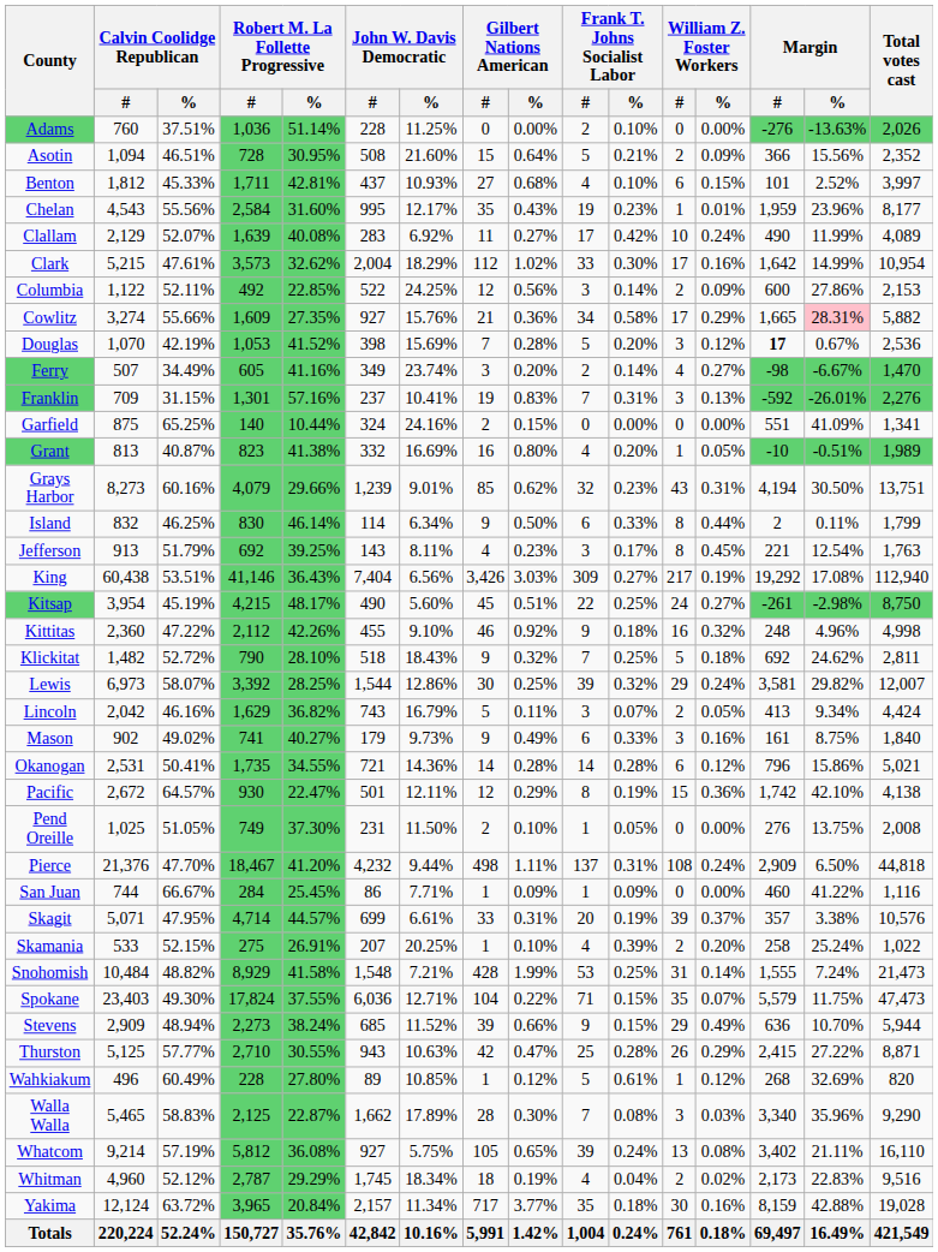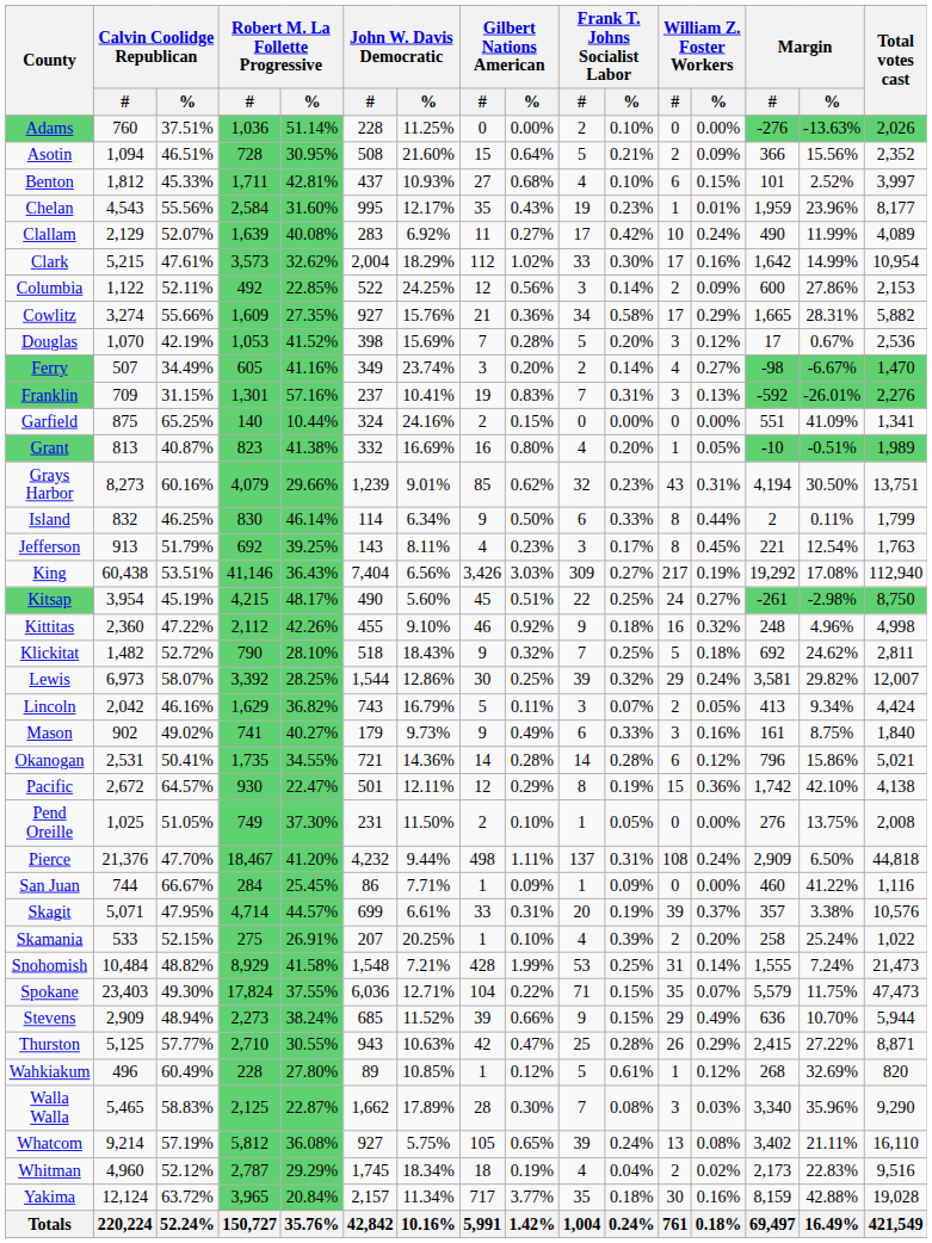 <table class="wikitable sortable">
 <tr>
 <th style="text-align:center;" rowspan="2">County</th>
 <th style="text-align:center;" colspan="2"><a href='#'>Calvin Coolidge</a><br>Republican</th>
 <th style="text-align:center;" colspan="2"><a href='#'>Robert M. La Follette</a><br>Progressive</th>
 <th style="text-align:center;" colspan="2"><a href='#'>John W. Davis</a><br>Democratic</th>
 <th style="text-align:center;" colspan="2"><a href='#'>Gilbert Nations</a><br>American</th>
 <th style="text-align:center;" colspan="2"><a href='#'>Frank T. Johns</a><br>Socialist Labor</th>
 <th style="text-align:center;" colspan="2"><a href='#'>William Z. Foster</a><br>Workers</th>
 <th style="text-align:center;" colspan="2">Margin</th>
 <th style="text-align:center;" rowspan="2">Total votes cast</th>
 </tr>
 <tr bgcolor="lightgrey">
 <th style="text-align:center;" data-sort-type="number">#</th>
 <th style="text-align:center;" data-sort-type="number">%</th>
 <th style="text-align:center;" data-sort-type="number">#</th>
 <th style="text-align:center;" data-sort-type="number">%</th>
 <th style="text-align:center;" data-sort-type="number">#</th>
 <th style="text-align:center;" data-sort-type="number">%</th>
 <th style="text-align:center;" data-sort-type="number">#</th>
 <th style="text-align:center;" data-sort-type="number">%</th>
 <th style="text-align:center;" data-sort-type="number">#</th>
 <th style="text-align:center;" data-sort-type="number">%</th>
 <th style="text-align:center;" data-sort-type="number">#</th>
 <th style="text-align:center;" data-sort-type="number">%</th>
 <th style="text-align:center;" data-sort-type="number">#</th>
 <th style="text-align:center;" data-sort-type="number">%</th>
 </tr>
 <tr style="text-align:center;">
 <td bgcolor="#5FD170"><a href='#'>Adams</a></td>
 <td>760</td>
 <td>37.51%</td>
 <td bgcolor="#5FD170">1,036</td>
 <td bgcolor="#5FD170">51.14%</td>
 <td>228</td>
 <td>11.25%</td>
 <td>0</td>
 <td>0.00%</td>
 <td>2</td>
 <td>0.10%</td>
 <td>0</td>
 <td>0.00%</td>
 <td bgcolor="#5FD170">-276</td>
 <td bgcolor="#5FD170">-13.63%</td>
 <td bgcolor="#5FD170">2,026</td>
 </tr>
 <tr style="text-align:center;">
 <td><a href='#'>Asotin</a></td>
 <td>1,094</td>
 <td>46.51%</td>
 <td bgcolor="#5FD170">728</td>
 <td bgcolor="#5FD170">30.95%</td>
 <td>508</td>
 <td>21.60%</td>
 <td>15</td>
 <td>0.64%</td>
 <td>5</td>
 <td>0.21%</td>
 <td>2</td>
 <td>0.09%</td>
 <td>366</td>
 <td>15.56%</td>
 <td>2,352</td>
 </tr>
 <tr style="text-align:center;">
 <td><a href='#'>Benton</a></td>
 <td>1,812</td>
 <td>45.33%</td>
 <td bgcolor="#5FD170">1,711</td>
 <td bgcolor="#5FD170">42.81%</td>
 <td>437</td>
 <td>10.93%</td>
 <td>27</td>
 <td>0.68%</td>
 <td>4</td>
 <td>0.10%</td>
 <td>6</td>
 <td>0.15%</td>
 <td>101</td>
 <td>2.52%</td>
 <td>3,997</td>
 </tr>
 <tr style="text-align:center;">
 <td><a href='#'>Chelan</a></td>
 <td>4,543</td>
 <td>55.56%</td>
 <td bgcolor="#5FD170">2,584</td>
 <td bgcolor="#5FD170">31.60%</td>
 <td>995</td>
 <td>12.17%</td>
 <td>35</td>
 <td>0.43%</td>
 <td>19</td>
 <td>0.23%</td>
 <td>1</td>
 <td>0.01%</td>
 <td>1,959</td>
 <td>23.96%</td>
 <td>8,177</td>
 </tr>
 <tr style="text-align:center;">
 <td><a href='#'>Clallam</a></td>
 <td>2,129</td>
 <td>52.07%</td>
 <td bgcolor="#5FD170">1,639</td>
 <td bgcolor="#5FD170">40.08%</td>
 <td>283</td>
 <td>6.92%</td>
 <td>11</td>
 <td>0.27%</td>
 <td>17</td>
 <td>0.42%</td>
 <td>10</td>
 <td>0.24%</td>
 <td>490</td>
 <td>11.99%</td>
 <td>4,089</td>
 </tr>
 <tr style="text-align:center;">
 <td><a href='#'>Clark</a></td>
 <td>5,215</td>
 <td>47.61%</td>
 <td bgcolor="#5FD170">3,573</td>
 <td bgcolor="#5FD170">32.62%</td>
 <td>2,004</td>
 <td>18.29%</td>
 <td>112</td>
 <td>1.02%</td>
 <td>33</td>
 <td>0.30%</td>
 <td>17</td>
 <td>0.16%</td>
 <td>1,642</td>
 <td>14.99%</td>
 <td>10,954</td>
 </tr>
 <tr style="text-align:center;">
 <td><a href='#'>Columbia</a></td>
 <td>1,122</td>
 <td>52.11%</td>
 <td bgcolor="#5FD170">492</td>
 <td bgcolor="#5FD170">22.85%</td>
 <td>522</td>
 <td>24.25%</td>
 <td>12</td>
 <td>0.56%</td>
 <td>3</td>
 <td>0.14%</td>
 <td>2</td>
 <td>0.09%</td>
 <td>600</td>
 <td>27.86%</td>
 <td>2,153</td>
 </tr>
 <tr style="text-align:center;">
 <td><a href='#'>Cowlitz</a></td>
 <td>3,274</td>
 <td>55.66%</td>
 <td bgcolor="#5FD170">1,609</td>
 <td bgcolor="#5FD170">27.35%</td>
 <td>927</td>
 <td>15.76%</td>
 <td>21</td>
 <td>0.36%</td>
 <td>34</td>
 <td>0.58%</td>
 <td>17</td>
 <td>0.29%</td>
 <td>1,665</td>
-<td style="background: pink;">28.31%</td>
+<td>28.31%</td>
 <td>5,882</td>
 </tr>
 <tr style="text-align:center;">
 <td><a href='#'>Douglas</a></td>
 <td>1,070</td>
 <td>42.19%</td>
 <td bgcolor="#5FD170">1,053</td>
 <td bgcolor="#5FD170">41.52%</td>
 <td>398</td>
 <td>15.69%</td>
 <td>7</td>
 <td>0.28%</td>
 <td>5</td>
 <td>0.20%</td>
 <td>3</td>
 <td>0.12%</td>
-<td><strong>17</strong></td>
+<td>17</td>
 <td>0.67%</td>
 <td>2,536</td>
 </tr>
 <tr style="text-align:center;">
 <td bgcolor="#5FD170"><a href='#'>Ferry</a></td>
 <td>507</td>
 <td>34.49%</td>
 <td bgcolor="#5FD170">605</td>
 <td bgcolor="#5FD170">41.16%</td>
 <td>349</td>
 <td>23.74%</td>
 <td>3</td>
 <td>0.20%</td>
 <td>2</td>
 <td>0.14%</td>
 <td>4</td>
 <td>0.27%</td>
 <td bgcolor="#5FD170">-98</td>
 <td bgcolor="#5FD170">-6.67%</td>
 <td bgcolor="#5FD170">1,470</td>
 </tr>
 <tr style="text-align:center;">
 <td bgcolor="#5FD170"><a href='#'>Franklin</a></td>
 <td>709</td>
 <td>31.15%</td>
 <td bgcolor="#5FD170">1,301</td>
 <td bgcolor="#5FD170">57.16%</td>
 <td>237</td>
 <td>10.41%</td>
 <td>19</td>
 <td>0.83%</td>
 <td>7</td>
 <td>0.31%</td>
 <td>3</td>
 <td>0.13%</td>
 <td bgcolor="#5FD170">-592</td>
 <td bgcolor="#5FD170">-26.01%</td>
 <td bgcolor="#5FD170">2,276</td>
 </tr>
 <tr style="text-align:center;">
 <td><a href='#'>Garfield</a></td>
 <td>875</td>
 <td>65.25%</td>
 <td bgcolor="#5FD170">140</td>
 <td bgcolor="#5FD170">10.44%</td>
 <td>324</td>
 <td>24.16%</td>
 <td>2</td>
 <td>0.15%</td>
 <td>0</td>
 <td>0.00%</td>
 <td>0</td>
 <td>0.00%</td>
 <td>551</td>
 <td>41.09%</td>
 <td>1,341</td>
 </tr>
 <tr style="text-align:center;">
 <td bgcolor="#5FD170"><a href='#'>Grant</a></td>
 <td>813</td>
 <td>40.87%</td>
 <td bgcolor="#5FD170">823</td>
 <td bgcolor="#5FD170">41.38%</td>
 <td>332</td>
 <td>16.69%</td>
 <td>16</td>
 <td>0.80%</td>
 <td>4</td>
 <td>0.20%</td>
 <td>1</td>
 <td>0.05%</td>
 <td bgcolor="#5FD170">-10</td>
 <td bgcolor="#5FD170">-0.51%</td>
 <td bgcolor="#5FD170">1,989</td>
 </tr>
 <tr style="text-align:center;">
 <td><a href='#'>Grays Harbor</a></td>
 <td>8,273</td>
 <td>60.16%</td>
 <td bgcolor="#5FD170">4,079</td>
 <td bgcolor="#5FD170">29.66%</td>
 <td>1,239</td>
 <td>9.01%</td>
 <td>85</td>
 <td>0.62%</td>
 <td>32</td>
 <td>0.23%</td>
 <td>43</td>
 <td>0.31%</td>
 <td>4,194</td>
 <td>30.50%</td>
 <td>13,751</td>
 </tr>
 <tr style="text-align:center;">
 <td><a href='#'>Island</a></td>
 <td>832</td>
 <td>46.25%</td>
 <td bgcolor="#5FD170">830</td>
 <td bgcolor="#5FD170">46.14%</td>
 <td>114</td>
 <td>6.34%</td>
 <td>9</td>
 <td>0.50%</td>
 <td>6</td>
 <td>0.33%</td>
 <td>8</td>
 <td>0.44%</td>
 <td>2</td>
 <td>0.11%</td>
 <td>1,799</td>
 </tr>
 <tr style="text-align:center;">
 <td><a href='#'>Jefferson</a></td>
 <td>913</td>
 <td>51.79%</td>
 <td bgcolor="#5FD170">692</td>
 <td bgcolor="#5FD170">39.25%</td>
 <td>143</td>
 <td>8.11%</td>
 <td>4</td>
 <td>0.23%</td>
 <td>3</td>
 <td>0.17%</td>
 <td>8</td>
 <td>0.45%</td>
 <td>221</td>
 <td>12.54%</td>
 <td>1,763</td>
 </tr>
 <tr style="text-align:center;">
 <td><a href='#'>King</a></td>
 <td>60,438</td>
 <td>53.51%</td>
 <td bgcolor="#5FD170">41,146</td>
 <td bgcolor="#5FD170">36.43%</td>
 <td>7,404</td>
 <td>6.56%</td>
 <td>3,426</td>
 <td>3.03%</td>
 <td>309</td>
 <td>0.27%</td>
 <td>217</td>
 <td>0.19%</td>
 <td>19,292</td>
 <td>17.08%</td>
 <td>112,940</td>
 </tr>
 <tr style="text-align:center;">
 <td bgcolor="#5FD170"><a href='#'>Kitsap</a></td>
 <td>3,954</td>
 <td>45.19%</td>
 <td bgcolor="#5FD170">4,215</td>
 <td bgcolor="#5FD170">48.17%</td>
 <td>490</td>
 <td>5.60%</td>
 <td>45</td>
 <td>0.51%</td>
 <td>22</td>
 <td>0.25%</td>
 <td>24</td>
 <td>0.27%</td>
 <td bgcolor="#5FD170">-261</td>
 <td bgcolor="#5FD170">-2.98%</td>
 <td bgcolor="#5FD170">8,750</td>
 </tr>
 <tr style="text-align:center;">
 <td><a href='#'>Kittitas</a></td>
 <td>2,360</td>
 <td>47.22%</td>
 <td bgcolor="#5FD170">2,112</td>
 <td bgcolor="#5FD170">42.26%</td>
 <td>455</td>
 <td>9.10%</td>
 <td>46</td>
 <td>0.92%</td>
 <td>9</td>
 <td>0.18%</td>
 <td>16</td>
 <td>0.32%</td>
 <td>248</td>
 <td>4.96%</td>
 <td>4,998</td>
 </tr>
 <tr style="text-align:center;">
 <td><a href='#'>Klickitat</a></td>
 <td>1,482</td>
 <td>52.72%</td>
 <td bgcolor="#5FD170">790</td>
 <td bgcolor="#5FD170">28.10%</td>
 <td>518</td>
 <td>18.43%</td>
 <td>9</td>
 <td>0.32%</td>
 <td>7</td>
 <td>0.25%</td>
 <td>5</td>
 <td>0.18%</td>
 <td>692</td>
 <td>24.62%</td>
 <td>2,811</td>
 </tr>
 <tr style="text-align:center;">
 <td><a href='#'>Lewis</a></td>
 <td>6,973</td>
 <td>58.07%</td>
 <td bgcolor="#5FD170">3,392</td>
 <td bgcolor="#5FD170">28.25%</td>
 <td>1,544</td>
 <td>12.86%</td>
 <td>30</td>
 <td>0.25%</td>
 <td>39</td>
 <td>0.32%</td>
 <td>29</td>
 <td>0.24%</td>
 <td>3,581</td>
 <td>29.82%</td>
 <td>12,007</td>
 </tr>
 <tr style="text-align:center;">
 <td><a href='#'>Lincoln</a></td>
 <td>2,042</td>
 <td>46.16%</td>
 <td bgcolor="#5FD170">1,629</td>
 <td bgcolor="#5FD170">36.82%</td>
 <td>743</td>
 <td>16.79%</td>
 <td>5</td>
 <td>0.11%</td>
 <td>3</td>
 <td>0.07%</td>
 <td>2</td>
 <td>0.05%</td>
 <td>413</td>
 <td>9.34%</td>
 <td>4,424</td>
 </tr>
 <tr style="text-align:center;">
 <td><a href='#'>Mason</a></td>
 <td>902</td>
 <td>49.02%</td>
 <td bgcolor="#5FD170">741</td>
 <td bgcolor="#5FD170">40.27%</td>
 <td>179</td>
 <td>9.73%</td>
 <td>9</td>
 <td>0.49%</td>
 <td>6</td>
 <td>0.33%</td>
 <td>3</td>
 <td>0.16%</td>
 <td>161</td>
 <td>8.75%</td>
 <td>1,840</td>
 </tr>
 <tr style="text-align:center;">
 <td><a href='#'>Okanogan</a></td>
 <td>2,531</td>
 <td>50.41%</td>
 <td bgcolor="#5FD170">1,735</td>
 <td bgcolor="#5FD170">34.55%</td>
 <td>721</td>
 <td>14.36%</td>
 <td>14</td>
 <td>0.28%</td>
 <td>14</td>
 <td>0.28%</td>
 <td>6</td>
 <td>0.12%</td>
 <td>796</td>
 <td>15.86%</td>
 <td>5,021</td>
 </tr>
 <tr style="text-align:center;">
 <td><a href='#'>Pacific</a></td>
 <td>2,672</td>
 <td>64.57%</td>
 <td bgcolor="#5FD170">930</td>
 <td bgcolor="#5FD170">22.47%</td>
 <td>501</td>
 <td>12.11%</td>
 <td>12</td>
 <td>0.29%</td>
 <td>8</td>
 <td>0.19%</td>
 <td>15</td>
 <td>0.36%</td>
 <td>1,742</td>
 <td>42.10%</td>
 <td>4,138</td>
 </tr>
 <tr style="text-align:center;">
 <td><a href='#'>Pend Oreille</a></td>
 <td>1,025</td>
 <td>51.05%</td>
 <td bgcolor="#5FD170">749</td>
 <td bgcolor="#5FD170">37.30%</td>
 <td>231</td>
 <td>11.50%</td>
 <td>2</td>
 <td>0.10%</td>
 <td>1</td>
 <td>0.05%</td>
 <td>0</td>
 <td>0.00%</td>
 <td>276</td>
 <td>13.75%</td>
 <td>2,008</td>
 </tr>
 <tr style="text-align:center;">
 <td><a href='#'>Pierce</a></td>
 <td>21,376</td>
 <td>47.70%</td>
 <td bgcolor="#5FD170">18,467</td>
 <td bgcolor="#5FD170">41.20%</td>
 <td>4,232</td>
 <td>9.44%</td>
 <td>498</td>
 <td>1.11%</td>
 <td>137</td>
 <td>0.31%</td>
 <td>108</td>
 <td>0.24%</td>
 <td>2,909</td>
 <td>6.50%</td>
 <td>44,818</td>
 </tr>
 <tr style="text-align:center;">
 <td><a href='#'>San Juan</a></td>
 <td>744</td>
 <td>66.67%</td>
 <td bgcolor="#5FD170">284</td>
 <td bgcolor="#5FD170">25.45%</td>
 <td>86</td>
 <td>7.71%</td>
 <td>1</td>
 <td>0.09%</td>
 <td>1</td>
 <td>0.09%</td>
 <td>0</td>
 <td>0.00%</td>
 <td>460</td>
 <td>41.22%</td>
 <td>1,116</td>
 </tr>
 <tr style="text-align:center;">
 <td><a href='#'>Skagit</a></td>
 <td>5,071</td>
 <td>47.95%</td>
 <td bgcolor="#5FD170">4,714</td>
 <td bgcolor="#5FD170">44.57%</td>
 <td>699</td>
 <td>6.61%</td>
 <td>33</td>
 <td>0.31%</td>
 <td>20</td>
 <td>0.19%</td>
 <td>39</td>
 <td>0.37%</td>
 <td>357</td>
 <td>3.38%</td>
 <td>10,576</td>
 </tr>
 <tr style="text-align:center;">
 <td><a href='#'>Skamania</a></td>
 <td>533</td>
 <td>52.15%</td>
 <td bgcolor="#5FD170">275</td>
 <td bgcolor="#5FD170">26.91%</td>
 <td>207</td>
 <td>20.25%</td>
 <td>1</td>
 <td>0.10%</td>
 <td>4</td>
 <td>0.39%</td>
 <td>2</td>
 <td>0.20%</td>
 <td>258</td>
 <td>25.24%</td>
 <td>1,022</td>
 </tr>
 <tr style="text-align:center;">
 <td><a href='#'>Snohomish</a></td>
 <td>10,484</td>
 <td>48.82%</td>
 <td bgcolor="#5FD170">8,929</td>
 <td bgcolor="#5FD170">41.58%</td>
 <td>1,548</td>
 <td>7.21%</td>
 <td>428</td>
 <td>1.99%</td>
 <td>53</td>
 <td>0.25%</td>
 <td>31</td>
 <td>0.14%</td>
 <td>1,555</td>
 <td>7.24%</td>
 <td>21,473</td>
 </tr>
 <tr style="text-align:center;">
 <td><a href='#'>Spokane</a></td>
 <td>23,403</td>
 <td>49.30%</td>
 <td bgcolor="#5FD170">17,824</td>
 <td bgcolor="#5FD170">37.55%</td>
 <td>6,036</td>
 <td>12.71%</td>
 <td>104</td>
 <td>0.22%</td>
 <td>71</td>
 <td>0.15%</td>
 <td>35</td>
 <td>0.07%</td>
 <td>5,579</td>
 <td>11.75%</td>
 <td>47,473</td>
 </tr>
 <tr style="text-align:center;">
 <td><a href='#'>Stevens</a></td>
 <td>2,909</td>
 <td>48.94%</td>
 <td bgcolor="#5FD170">2,273</td>
 <td bgcolor="#5FD170">38.24%</td>
 <td>685</td>
 <td>11.52%</td>
 <td>39</td>
 <td>0.66%</td>
 <td>9</td>
 <td>0.15%</td>
 <td>29</td>
 <td>0.49%</td>
 <td>636</td>
 <td>10.70%</td>
 <td>5,944</td>
 </tr>
 <tr style="text-align:center;">
 <td><a href='#'>Thurston</a></td>
 <td>5,125</td>
 <td>57.77%</td>
 <td bgcolor="#5FD170">2,710</td>
 <td bgcolor="#5FD170">30.55%</td>
 <td>943</td>
 <td>10.63%</td>
 <td>42</td>
 <td>0.47%</td>
 <td>25</td>
 <td>0.28%</td>
 <td>26</td>
 <td>0.29%</td>
 <td>2,415</td>
 <td>27.22%</td>
 <td>8,871</td>
 </tr>
 <tr style="text-align:center;">
 <td><a href='#'>Wahkiakum</a></td>
 <td>496</td>
 <td>60.49%</td>
 <td bgcolor="#5FD170">228</td>
 <td bgcolor="#5FD170">27.80%</td>
 <td>89</td>
 <td>10.85%</td>
 <td>1</td>
 <td>0.12%</td>
 <td>5</td>
 <td>0.61%</td>
 <td>1</td>
 <td>0.12%</td>
 <td>268</td>
 <td>32.69%</td>
 <td>820</td>
 </tr>
 <tr style="text-align:center;">
 <td><a href='#'>Walla Walla</a></td>
 <td>5,465</td>
 <td>58.83%</td>
 <td bgcolor="#5FD170">2,125</td>
 <td bgcolor="#5FD170">22.87%</td>
 <td>1,662</td>
 <td>17.89%</td>
 <td>28</td>
 <td>0.30%</td>
 <td>7</td>
 <td>0.08%</td>
 <td>3</td>
 <td>0.03%</td>
 <td>3,340</td>
 <td>35.96%</td>
 <td>9,290</td>
 </tr>
 <tr style="text-align:center;">
 <td><a href='#'>Whatcom</a></td>
 <td>9,214</td>
 <td>57.19%</td>
 <td bgcolor="#5FD170">5,812</td>
 <td bgcolor="#5FD170">36.08%</td>
 <td>927</td>
 <td>5.75%</td>
 <td>105</td>
 <td>0.65%</td>
 <td>39</td>
 <td>0.24%</td>
 <td>13</td>
 <td>0.08%</td>
 <td>3,402</td>
 <td>21.11%</td>
 <td>16,110</td>
 </tr>
 <tr style="text-align:center;">
 <td><a href='#'>Whitman</a></td>
 <td>4,960</td>
 <td>52.12%</td>
 <td bgcolor="#5FD170">2,787</td>
 <td bgcolor="#5FD170">29.29%</td>
 <td>1,745</td>
 <td>18.34%</td>
 <td>18</td>
 <td>0.19%</td>
 <td>4</td>
 <td>0.04%</td>
 <td>2</td>
 <td>0.02%</td>
 <td>2,173</td>
 <td>22.83%</td>
 <td>9,516</td>
 </tr>
 <tr style="text-align:center;">
 <td><a href='#'>Yakima</a></td>
 <td>12,124</td>
 <td>63.72%</td>
 <td bgcolor="#5FD170">3,965</td>
 <td bgcolor="#5FD170">20.84%</td>
 <td>2,157</td>
 <td>11.34%</td>
 <td>717</td>
 <td>3.77%</td>
 <td>35</td>
 <td>0.18%</td>
 <td>30</td>
 <td>0.16%</td>
 <td>8,159</td>
 <td>42.88%</td>
 <td>19,028</td>
 </tr>
 <tr class="sortbottom">
 <th>Totals</th>
 <th>220,224</th>
 <th>52.24%</th>
 <th>150,727</th>
 <th>35.76%</th>
 <th>42,842</th>
 <th>10.16%</th>
 <th>5,991</th>
 <th>1.42%</th>
 <th>1,004</th>
 <th>0.24%</th>
 <th>761</th>
 <th>0.18%</th>
 <th>69,497</th>
 <th>16.49%</th>
 <th>421,549</th>
 </tr>
 </table>
